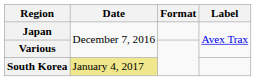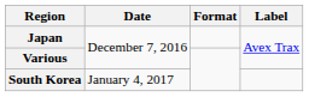 <table class="wikitable plainrowheaders">
 <tr>
 <th>Region</th>
 <th>Date</th>
 <th>Format</th>
 <th>Label</th>
 </tr>
 <tr>
 <th scope="row">Japan</th>
 <td rowspan=2>December 7, 2016</td>
 <td></td>
 <td rowspan=2><a href='#'>Avex Trax</a></td>
 </tr>
 <tr>
 <th scope="row">Various </th>
 <td rowspan="2"></td>
 </tr>
 <tr>
 <th scope="row">South Korea</th>
-<td style="background: khaki;">January 4, 2017</td>
+<td>January 4, 2017</td>
 <td></td>
 </tr>
 </table>
